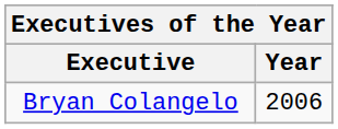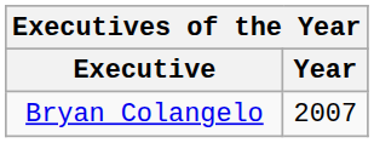 <table class="wikitable" style="text-align:center">
 <tr>
 <th colspan="2">Executives of the Year</th>
 </tr>
 <tr>
 <th>Executive</th>
 <th>Year</th>
 </tr>
 <tr>
 <td><a href='#'>Bryan Colangelo</a></td>
-<td>2006</td>
+<td>2007</td>
 </tr>
 </table>
